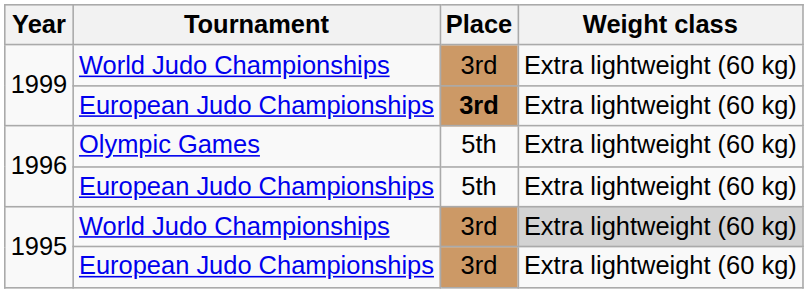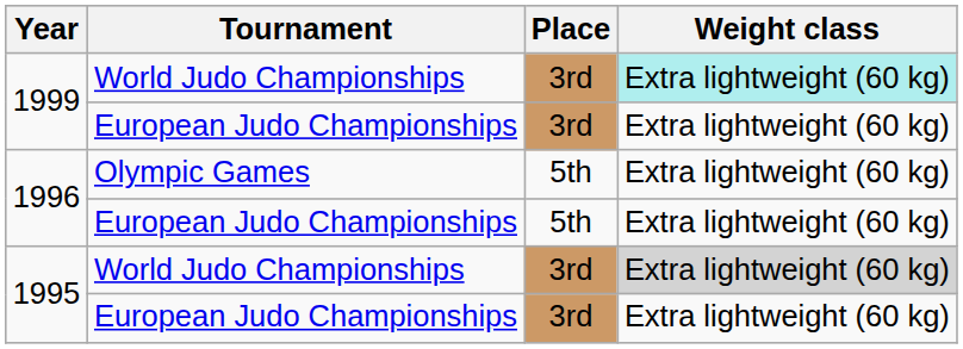 <table class=wikitable>
 <tr>
 <th>Year</th>
 <th>Tournament</th>
 <th>Place</th>
 <th>Weight class</th>
 </tr>
 <tr>
 <td rowspan=2>1999</td>
 <td><a href='#'>World Judo Championships</a></td>
 <td bgcolor="cc9966 " align="center">3rd</td>
-<td>Extra lightweight (60 kg)</td>
+<td style="background: paleturquoise;">Extra lightweight (60 kg)</td>
 </tr>
 <tr>
 <td><a href='#'>European Judo Championships</a></td>
-<td bgcolor="cc9966 " align="center"><strong>3rd</strong></td>
+<td bgcolor="cc9966 " align="center">3rd</td>
 <td>Extra lightweight (60 kg)</td>
 </tr>
 <tr>
 <td rowspan=2>1996</td>
 <td><a href='#'>Olympic Games</a></td>
 <td align="center">5th</td>
 <td>Extra lightweight (60 kg)</td>
 </tr>
 <tr>
 <td><a href='#'>European Judo Championships</a></td>
 <td align="center">5th</td>
 <td>Extra lightweight (60 kg)</td>
 </tr>
 <tr>
 <td rowspan=2>1995</td>
 <td><a href='#'>World Judo Championships</a></td>
 <td bgcolor="cc9966 " align="center">3rd</td>
 <td style="background: lightgrey;">Extra lightweight (60 kg)</td>
 </tr>
 <tr>
 <td><a href='#'>European Judo Championships</a></td>
 <td bgcolor="cc9966 " align="center">3rd</td>
 <td>Extra lightweight (60 kg)</td>
 </tr>
 </table>
